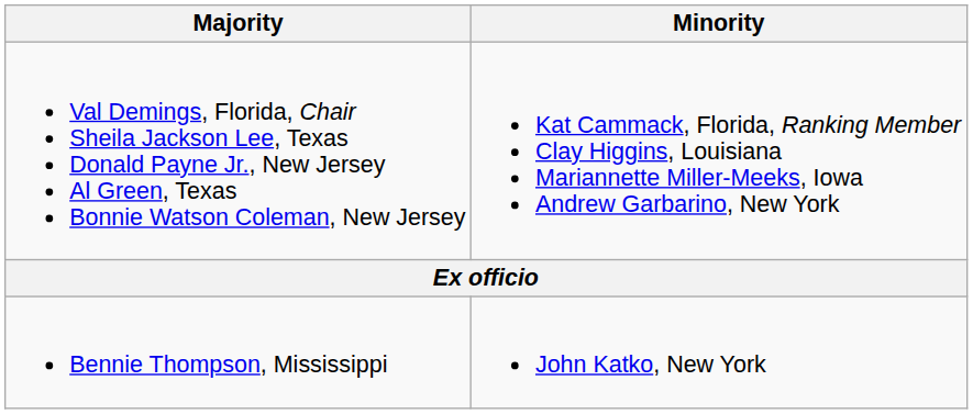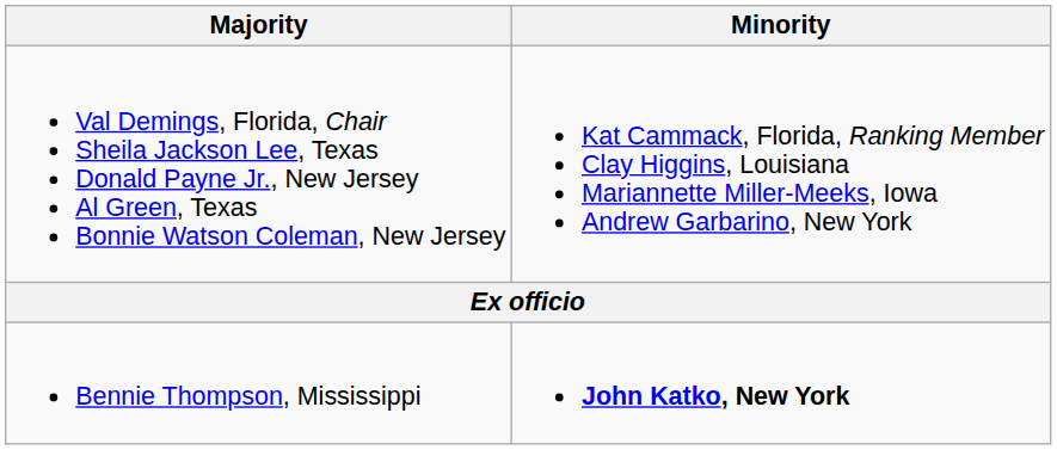 <table class=wikitable>
 <tr>
 <th>Majority</th>
 <th>Minority</th>
 </tr>
 <tr>
 <td><br><ul><li><a href='#'>Val Demings</a>, Florida, <em>Chair</em></li><li><a href='#'>Sheila Jackson Lee</a>, Texas</li><li><a href='#'>Donald Payne Jr.</a>, New Jersey</li><li><a href='#'>Al Green</a>, Texas</li><li><a href='#'>Bonnie Watson Coleman</a>, New Jersey</li></ul></td>
 <td><br><ul><li><a href='#'>Kat Cammack</a>, Florida, <em>Ranking Member</em></li><li><a href='#'>Clay Higgins</a>, Louisiana</li><li><a href='#'>Mariannette Miller-Meeks</a>, Iowa</li><li><a href='#'>Andrew Garbarino</a>, New York</li></ul></td>
 </tr>
 <tr>
 <th colspan=2><em>Ex officio</em></th>
 </tr>
 <tr>
 <td><br><ul><li><a href='#'>Bennie Thompson</a>, Mississippi</li></ul></td>
-<td><br><ul><li><a href='#'>John Katko</a>, New York</li></ul></td>
+<td><strong><br><ul><li><a href='#'>John Katko</a>, New York</li></ul></strong></td>
 </tr>
 </table>
